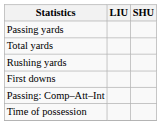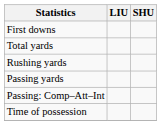 <table class="wikitable" style="float: left;">
 <tr>
 <th>Statistics</th>
 <th>LIU</th>
 <th>SHU</th>
 </tr>
 <tr>
-<td>Passing yards</td>
+<td>First downs</td>
 <td></td>
 <td></td>
 </tr>
 <tr>
 <td>Total yards</td>
 <td></td>
 <td></td>
 </tr>
 <tr>
 <td>Rushing yards</td>
 <td></td>
 <td></td>
 </tr>
 <tr>
-<td>First downs</td>
+<td>Passing yards</td>
 <td></td>
 <td></td>
 </tr>
 <tr>
 <td>Passing: Comp–Att–Int</td>
 <td></td>
 <td></td>
 </tr>
 <tr>
 <td>Time of possession</td>
 <td></td>
 <td></td>
 </tr>
 <tr>
 </tr>
 </table>
